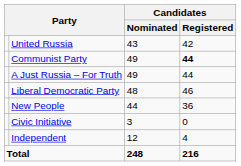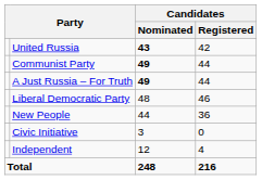 <table class="wikitable sortable" style="background: #f9f9f9; text-align:left; font-size: 95%">
 <tr>
 <th align=center rowspan=2 colspan=2>Party</th>
 <th align=center colspan=2>Candidates</th>
 </tr>
 <tr>
 <th align=center>Nominated</th>
 <th align=center>Registered</th>
 </tr>
 <tr>
 <td></td>
 <td><a href='#'>United Russia</a></td>
-<td>43</td>
+<td><strong>43</strong></td>
 <td>42</td>
 </tr>
 <tr>
 <td></td>
 <td><a href='#'>Communist Party</a></td>
-<td>49</td>
-<td><strong>44</strong></td>
+<td><strong>49</strong></td>
+<td>44</td>
 </tr>
 <tr>
 <td></td>
 <td><a href='#'>A Just Russia – For Truth</a></td>
-<td>49</td>
+<td><strong>49</strong></td>
 <td>44</td>
 </tr>
 <tr>
 <td></td>
 <td><a href='#'>Liberal Democratic Party</a></td>
 <td>48</td>
 <td>46</td>
 </tr>
 <tr>
 <td></td>
 <td><a href='#'>New People</a></td>
 <td>44</td>
 <td>36</td>
 </tr>
 <tr>
 <td></td>
 <td><a href='#'>Civic Initiative</a></td>
 <td>3</td>
 <td>0</td>
 </tr>
 <tr>
 <td></td>
 <td><a href='#'>Independent</a></td>
 <td>12</td>
 <td>4</td>
 </tr>
 <tr>
 <td colspan=2><strong>Total</strong></td>
 <td><strong>248</strong></td>
 <td><strong>216</strong></td>
 </tr>
 </table>
